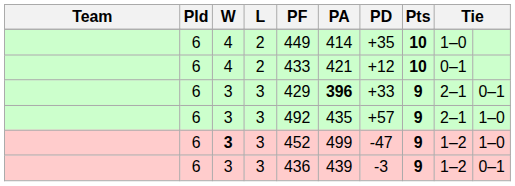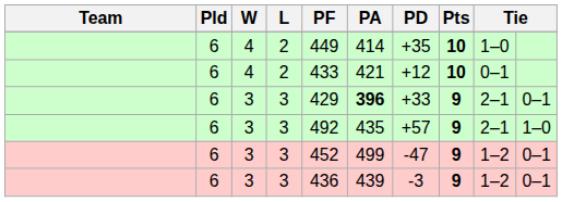 <table class=wikitable style="text-align:center;">
 <tr align=center>
 </tr>
 <tr>
 <th width=170>Team</th>
 <th width=25>Pld</th>
 <th width=25>W</th>
 <th width=25>L</th>
 <th width=35>PF</th>
 <th width=35>PA</th>
 <th width=35>PD</th>
 <th width=25>Pts</th>
 <th colspan=2 width=70>Tie</th>
 </tr>
 <tr>
 </tr>
 <tr bgcolor="#ccffcc">
 <td align=left></td>
 <td>6</td>
 <td>4</td>
 <td>2</td>
 <td>449</td>
 <td>414</td>
 <td>+35</td>
 <td><strong>10</strong></td>
 <td>1–0</td>
 <td></td>
 </tr>
 <tr bgcolor="#ccffcc">
 <td align=left></td>
 <td>6</td>
 <td>4</td>
 <td>2</td>
 <td>433</td>
 <td>421</td>
 <td>+12</td>
 <td><strong>10</strong></td>
 <td>0–1</td>
 <td></td>
 </tr>
 <tr bgcolor="#ccffcc">
 <td align=left></td>
 <td>6</td>
 <td>3</td>
 <td>3</td>
 <td>429</td>
 <td><strong>396</strong></td>
 <td>+33</td>
 <td><strong>9</strong></td>
 <td>2–1</td>
 <td>0–1</td>
 </tr>
 <tr bgcolor="#ccffcc">
 <td align=left></td>
 <td>6</td>
 <td>3</td>
 <td>3</td>
 <td>492</td>
 <td>435</td>
 <td>+57</td>
 <td><strong>9</strong></td>
 <td>2–1</td>
 <td>1–0</td>
 </tr>
 <tr bgcolor="#ffcccc">
 <td align=left></td>
 <td>6</td>
-<td><strong>3</strong></td>
+<td>3</td>
 <td>3</td>
 <td>452</td>
 <td>499</td>
 <td>-47</td>
 <td><strong>9</strong></td>
 <td>1–2</td>
-<td>1–0</td>
+<td>0–1</td>
 </tr>
 <tr bgcolor="#ffcccc">
 <td align=left></td>
 <td>6</td>
 <td>3</td>
 <td>3</td>
 <td>436</td>
 <td>439</td>
 <td>-3</td>
 <td><strong>9</strong></td>
 <td>1–2</td>
 <td>0–1</td>
 </tr>
 </table>
